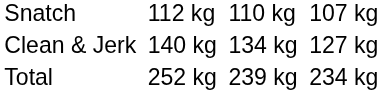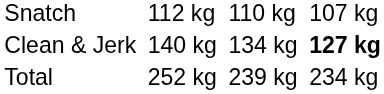 <table>
 <tr>
 <td>Snatch</td>
 <td></td>
 <td>112 kg</td>
 <td></td>
 <td>110 kg</td>
 <td></td>
 <td>107 kg</td>
 </tr>
 <tr>
 <td>Clean & Jerk</td>
 <td></td>
 <td>140 kg</td>
 <td></td>
 <td>134 kg</td>
 <td></td>
-<td>127 kg</td>
+<td><strong>127 kg</strong></td>
 </tr>
 <tr>
 <td>Total</td>
 <td></td>
 <td>252 kg</td>
 <td></td>
 <td>239 kg</td>
 <td></td>
 <td>234 kg</td>
 </tr>
 </table>
